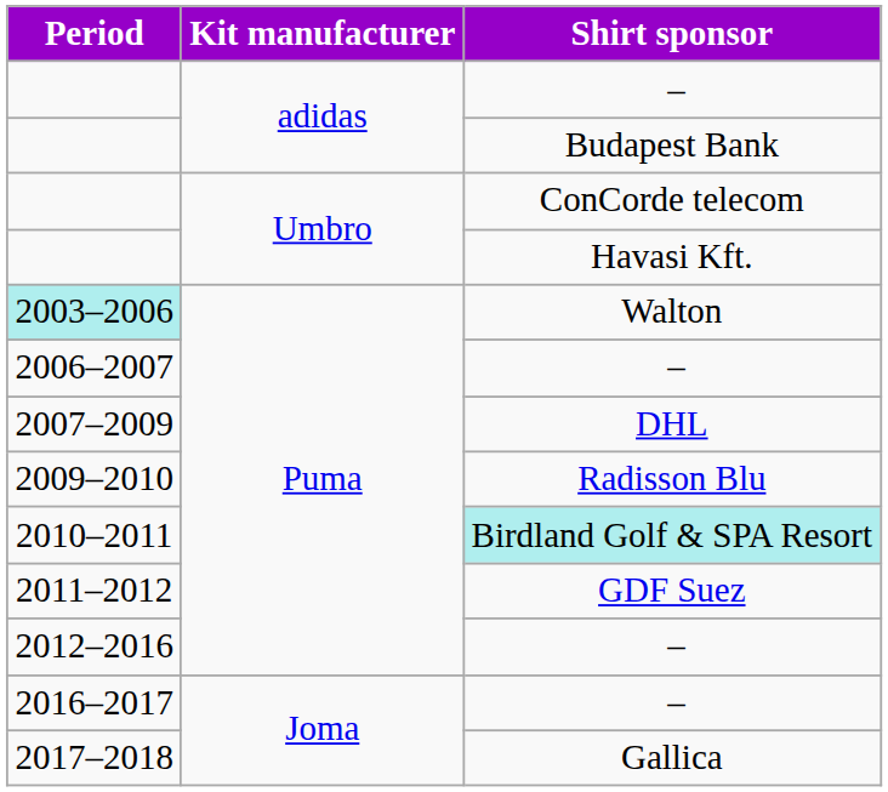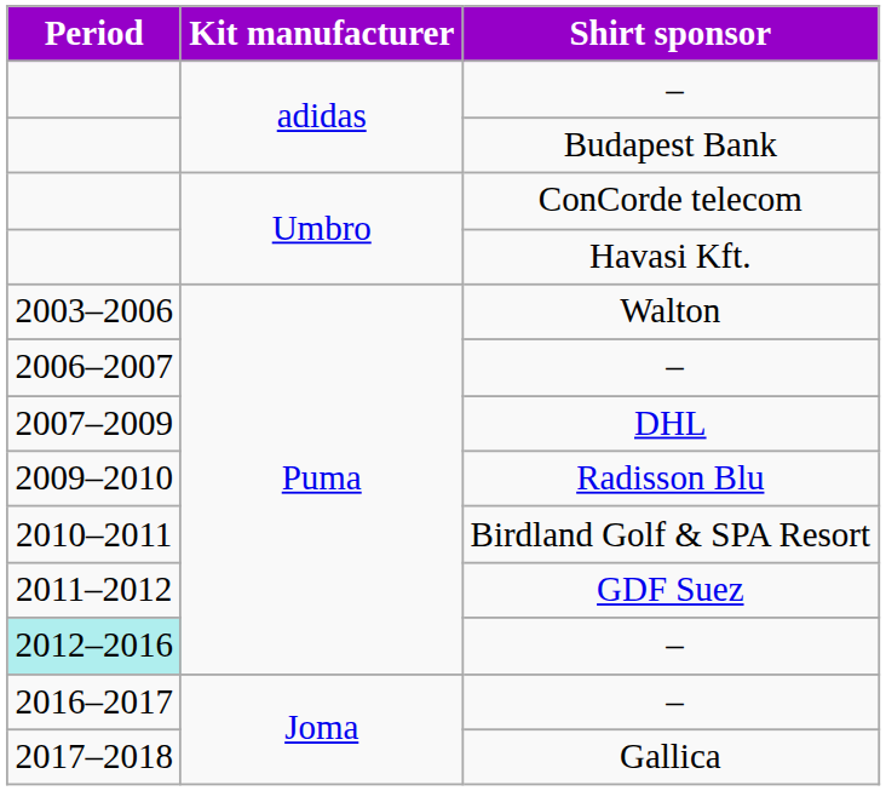 <table class="wikitable" style="text-align:center;margin-left:1em">
 <tr>
 <th style="color:#FFFFFF; background:#9600C8">Period</th>
 <th style="color:#FFFFFF; background:#9600C8">Kit manufacturer</th>
 <th style="color:#FFFFFF; background:#9600C8">Shirt sponsor</th>
 </tr>
 <tr>
 <td></td>
 <td rowspan=2><a href='#'>adidas</a></td>
 <td> –</td>
 </tr>
 <tr>
 <td></td>
 <td>Budapest Bank</td>
 </tr>
 <tr>
 <td></td>
 <td rowspan=2><a href='#'>Umbro</a></td>
 <td>ConCorde telecom</td>
 </tr>
 <tr>
 <td></td>
 <td>Havasi Kft.</td>
 </tr>
 <tr>
-<td style="background: paleturquoise;">2003–2006</td>
+<td>2003–2006</td>
 <td rowspan=7><a href='#'>Puma</a></td>
 <td>Walton</td>
 </tr>
 <tr>
 <td>2006–2007</td>
 <td> –</td>
 </tr>
 <tr>
 <td>2007–2009</td>
 <td><a href='#'>DHL</a></td>
 </tr>
 <tr>
 <td>2009–2010</td>
 <td><a href='#'>Radisson Blu</a></td>
 </tr>
 <tr>
 <td>2010–2011</td>
-<td style="background: paleturquoise;">Birdland Golf & SPA Resort</td>
+<td>Birdland Golf & SPA Resort</td>
 </tr>
 <tr>
 <td>2011–2012</td>
 <td><a href='#'>GDF Suez</a></td>
 </tr>
 <tr>
-<td>2012–2016</td>
+<td style="background: paleturquoise;">2012–2016</td>
 <td> –</td>
 </tr>
 <tr>
 <td>2016–2017</td>
 <td rowspan=2><a href='#'>Joma</a></td>
 <td> –</td>
 </tr>
 <tr>
 <td>2017–2018</td>
 <td>Gallica</td>
 </tr>
 </table>
